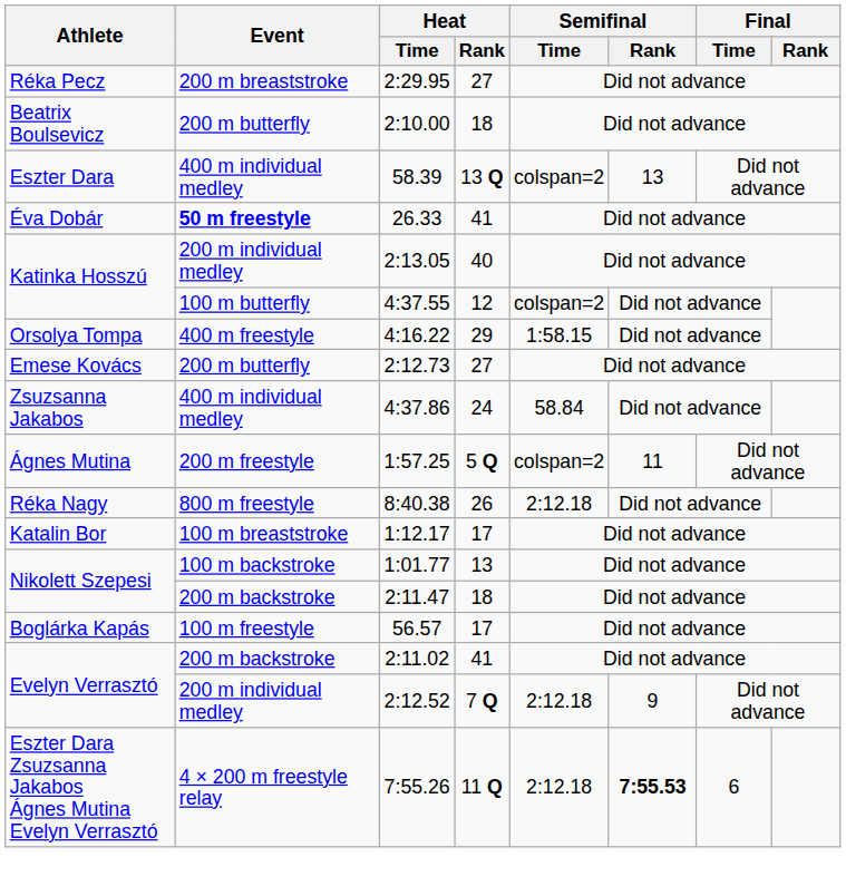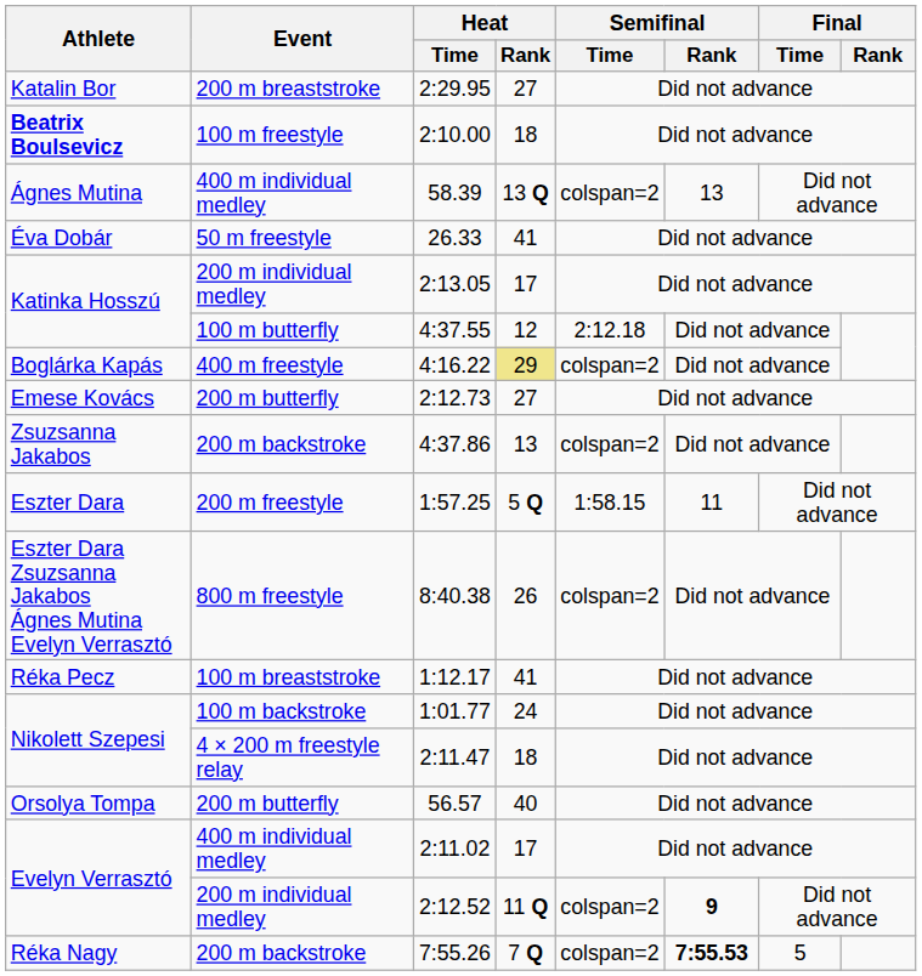 <table class=wikitable style="font-size:90%">
 <tr>
 <th rowspan="2">Athlete</th>
 <th rowspan="2">Event</th>
 <th colspan="2">Heat</th>
 <th colspan="2">Semifinal</th>
 <th colspan="2">Final</th>
 </tr>
 <tr style="font-size:95%">
 <th>Time</th>
 <th>Rank</th>
 <th>Time</th>
 <th>Rank</th>
 <th>Time</th>
 <th>Rank</th>
 </tr>
 <tr align=center>
-<td align=left><a href='#'>Réka Pecz</a></td>
+<td align=left><a href='#'>Katalin Bor</a></td>
 <td align=left><a href='#'>200 m breaststroke</a></td>
 <td>2:29.95</td>
 <td>27</td>
 <td colspan=4>Did not advance</td>
 </tr>
 <tr align=center>
-<td align=left><a href='#'>Beatrix Boulsevicz</a></td>
-<td align=left><a href='#'>200 m butterfly</a></td>
+<td align=left><strong><a href='#'>Beatrix Boulsevicz</a></strong></td>
+<td align=left><a href='#'>100 m freestyle</a></td>
 <td>2:10.00</td>
 <td>18</td>
 <td colspan=4>Did not advance</td>
 </tr>
 <tr align=center>
-<td align=left><a href='#'>Eszter Dara</a></td>
+<td align=left><a href='#'>Ágnes Mutina</a></td>
 <td align=left><a href='#'>400 m individual medley</a></td>
 <td>58.39</td>
 <td>13 <strong>Q</strong></td>
 <td>colspan=2 </td>
 <td>13</td>
 <td colspan=2>Did not advance</td>
 </tr>
 <tr align=center>
 <td align=left><a href='#'>Éva Dobár</a></td>
-<td align=left><strong><a href='#'>50 m freestyle</a></strong></td>
+<td align=left><a href='#'>50 m freestyle</a></td>
 <td>26.33</td>
 <td>41</td>
 <td colspan=4>Did not advance</td>
 </tr>
 <tr align=center>
 <td align=left rowspan=2><a href='#'>Katinka Hosszú</a></td>
 <td align=left><a href='#'>200 m individual medley</a></td>
 <td>2:13.05</td>
-<td>40</td>
+<td>17</td>
 <td colspan=4>Did not advance</td>
 </tr>
 <tr align=center>
 <td align=left><a href='#'>100 m butterfly</a></td>
 <td>4:37.55</td>
 <td>12</td>
-<td>colspan=2 </td>
+<td>2:12.18</td>
 <td colspan=2>Did not advance</td>
 </tr>
 <tr align=center>
-<td align=left><a href='#'>Orsolya Tompa</a></td>
+<td align=left><a href='#'>Boglárka Kapás</a></td>
 <td align=left><a href='#'>400 m freestyle</a></td>
 <td>4:16.22</td>
-<td>29</td>
-<td>1:58.15</td>
+<td style="background: khaki;">29</td>
+<td>colspan=2 </td>
 <td colspan=2>Did not advance</td>
 </tr>
 <tr align=center>
 <td align=left><a href='#'>Emese Kovács</a></td>
 <td align=left><a href='#'>200 m butterfly</a></td>
 <td>2:12.73</td>
 <td>27</td>
 <td colspan=4>Did not advance</td>
 </tr>
 <tr align=center>
 <td align=left><a href='#'>Zsuzsanna Jakabos</a></td>
-<td align=left><a href='#'>400 m individual medley</a></td>
+<td align=left><a href='#'>200 m backstroke</a></td>
 <td>4:37.86</td>
-<td>24</td>
-<td>58.84</td>
+<td>13</td>
+<td>colspan=2 </td>
 <td colspan=2>Did not advance</td>
 </tr>
 <tr align=center>
-<td align=left><a href='#'>Ágnes Mutina</a></td>
+<td align=left><a href='#'>Eszter Dara</a></td>
 <td align=left><a href='#'>200 m freestyle</a></td>
 <td>1:57.25</td>
 <td>5 <strong>Q</strong></td>
-<td>colspan=2 </td>
+<td>1:58.15</td>
 <td>11</td>
 <td colspan=2>Did not advance</td>
 </tr>
 <tr align=center>
-<td align=left><a href='#'>Réka Nagy</a></td>
+<td align=left><a href='#'>Eszter Dara</a><br><a href='#'>Zsuzsanna Jakabos</a><br><a href='#'>Ágnes Mutina</a><br><a href='#'>Evelyn Verrasztó</a></td>
 <td align=left><a href='#'>800 m freestyle</a></td>
 <td>8:40.38</td>
 <td>26</td>
-<td>2:12.18</td>
+<td>colspan=2 </td>
 <td colspan=2>Did not advance</td>
 </tr>
 <tr align=center>
-<td align=left><a href='#'>Katalin Bor</a></td>
+<td align=left><a href='#'>Réka Pecz</a></td>
 <td align=left><a href='#'>100 m breaststroke</a></td>
 <td>1:12.17</td>
-<td>17</td>
+<td>41</td>
 <td colspan=4>Did not advance</td>
 </tr>
 <tr align=center>
 <td align=left rowspan=2><a href='#'>Nikolett Szepesi</a></td>
 <td align=left><a href='#'>100 m backstroke</a></td>
 <td>1:01.77</td>
-<td>13</td>
+<td>24</td>
 <td colspan=4>Did not advance</td>
 </tr>
 <tr align=center>
-<td align=left><a href='#'>200 m backstroke</a></td>
+<td align=left><a href='#'>4 × 200 m freestyle relay</a></td>
 <td>2:11.47</td>
 <td>18</td>
 <td colspan=4>Did not advance</td>
 </tr>
 <tr align=center>
-<td align=left><a href='#'>Boglárka Kapás</a></td>
-<td align=left><a href='#'>100 m freestyle</a></td>
+<td align=left><a href='#'>Orsolya Tompa</a></td>
+<td align=left><a href='#'>200 m butterfly</a></td>
 <td>56.57</td>
-<td>17</td>
+<td>40</td>
 <td colspan=4>Did not advance</td>
 </tr>
 <tr align=center>
 <td align=left rowspan=2><a href='#'>Evelyn Verrasztó</a></td>
-<td align=left><a href='#'>200 m backstroke</a></td>
+<td align=left><a href='#'>400 m individual medley</a></td>
 <td>2:11.02</td>
-<td>41</td>
+<td>17</td>
 <td colspan=4>Did not advance</td>
 </tr>
 <tr align=center>
 <td align=left><a href='#'>200 m individual medley</a></td>
 <td>2:12.52</td>
-<td>7 <strong>Q</strong></td>
-<td>2:12.18</td>
-<td>9</td>
+<td>11 <strong>Q</strong></td>
+<td>colspan=2 </td>
+<td><strong>9</strong></td>
 <td colspan=2>Did not advance</td>
 </tr>
 <tr align=center>
-<td align=left><a href='#'>Eszter Dara</a><br><a href='#'>Zsuzsanna Jakabos</a><br><a href='#'>Ágnes Mutina</a><br><a href='#'>Evelyn Verrasztó</a></td>
-<td align=left><a href='#'>4 × 200 m freestyle relay</a></td>
+<td align=left><a href='#'>Réka Nagy</a></td>
+<td align=left><a href='#'>200 m backstroke</a></td>
 <td>7:55.26</td>
-<td>11 <strong>Q</strong></td>
-<td>2:12.18</td>
+<td>7 <strong>Q</strong></td>
+<td>colspan=2 </td>
 <td><strong>7:55.53</strong></td>
-<td>6</td>
+<td>5</td>
 </tr>
 </table>
